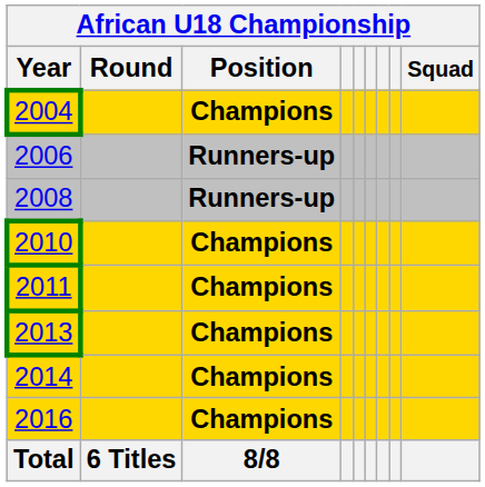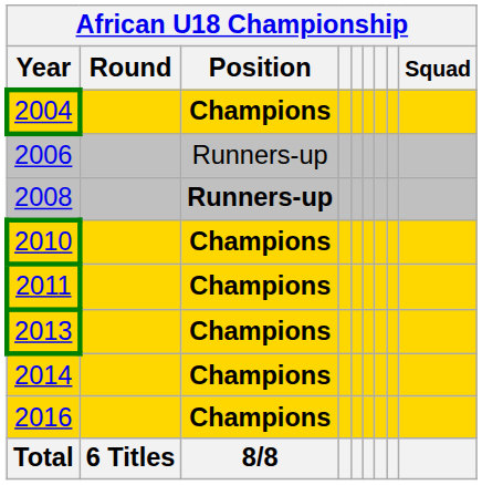 <table class="wikitable" style="text-align: center;">
 <tr>
 <th colspan=9><a href='#'>African U18 Championship</a></th>
 </tr>
 <tr>
 <th>Year</th>
 <th>Round</th>
 <th>Position</th>
 <th></th>
 <th></th>
 <th></th>
 <th></th>
 <th></th>
 <th><small>Squad</small></th>
 </tr>
 <tr bgcolor=gold>
 <td style="border:3px solid green"> <a href='#'>2004</a></td>
 <td></td>
 <td><strong>Champions</strong></td>
 <td></td>
 <td></td>
 <td></td>
 <td></td>
 <td></td>
 <td></td>
 </tr>
 <tr bgcolor=silver>
 <td> <a href='#'>2006</a></td>
 <td></td>
-<td><strong>Runners-up</strong></td>
+<td>Runners-up</td>
 <td></td>
 <td></td>
 <td></td>
 <td></td>
 <td></td>
 <td></td>
 </tr>
 <tr bgcolor=silver>
 <td> <a href='#'>2008</a></td>
 <td></td>
 <td><strong>Runners-up</strong></td>
 <td></td>
 <td></td>
 <td></td>
 <td></td>
 <td></td>
 <td></td>
 </tr>
 <tr bgcolor=gold>
 <td style="border:3px solid green"> <a href='#'>2010</a></td>
 <td></td>
 <td><strong>Champions</strong></td>
 <td></td>
 <td></td>
 <td></td>
 <td></td>
 <td></td>
 <td></td>
 </tr>
 <tr bgcolor=gold>
 <td style="border:3px solid green"> <a href='#'>2011</a></td>
 <td></td>
 <td><strong>Champions</strong></td>
 <td></td>
 <td></td>
 <td></td>
 <td></td>
 <td></td>
 <td></td>
 </tr>
 <tr bgcolor=gold>
 <td style="border:3px solid green"> <a href='#'>2013</a></td>
 <td></td>
 <td><strong>Champions</strong></td>
 <td></td>
 <td></td>
 <td></td>
 <td></td>
 <td></td>
 <td></td>
 </tr>
 <tr bgcolor=gold>
 <td> <a href='#'>2014</a></td>
 <td></td>
 <td><strong>Champions</strong></td>
 <td></td>
 <td></td>
 <td></td>
 <td></td>
 <td></td>
 <td></td>
 </tr>
 <tr bgcolor=gold>
 <td> <a href='#'>2016</a></td>
 <td></td>
 <td><strong>Champions</strong></td>
 <td></td>
 <td></td>
 <td></td>
 <td></td>
 <td></td>
 <td></td>
 </tr>
 <tr>
 <th>Total</th>
 <th>6 Titles</th>
 <th>8/8</th>
 <th></th>
 <th></th>
 <th></th>
 <th></th>
 <th></th>
 <th></th>
 </tr>
 </table>
